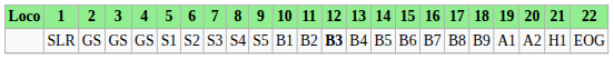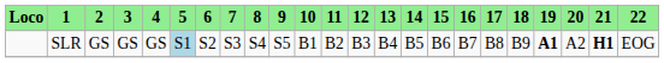 <table class="wikitable plainrowheaders unsortable" style="text-align:center">
 <tr>
 <th scope="col" rowspan="1" style="background:Lightgreen;">Loco</th>
 <th scope="col" rowspan="1" style="background:Lightgreen;">1</th>
 <th scope="col" rowspan="1" style="background:Lightgreen;">2</th>
 <th scope="col" rowspan="1" style="background:Lightgreen;">3</th>
 <th scope="col" rowspan="1" style="background:Lightgreen;">4</th>
 <th scope="col" rowspan="1" style="background:Lightgreen;">5</th>
 <th scope="col" rowspan="1" style="background:Lightgreen;">6</th>
 <th scope="col" rowspan="1" style="background:Lightgreen;">7</th>
 <th scope="col" rowspan="1" style="background:Lightgreen;">8</th>
 <th scope="col" rowspan="1" style="background:Lightgreen;">9</th>
 <th rowspan="1" scope="col" style="background:Lightgreen;">10</th>
 <th scope="col" rowspan="1" style="background:Lightgreen;">11</th>
 <th scope="col" rowspan="1" style="background:Lightgreen;">12</th>
 <th scope="col" rowspan="1" style="background:Lightgreen;">13</th>
 <th scope="col" rowspan="1" style="background:Lightgreen;">14</th>
 <th scope="col" rowspan="1" style="background:Lightgreen;">15</th>
 <th scope="col" rowspan="1" style="background:Lightgreen;">16</th>
 <th scope="col" rowspan="1" style="background:Lightgreen;">17</th>
 <th scope="col" rowspan="1" style="background:Lightgreen;">18</th>
 <th scope="col" rowspan="1" style="background:Lightgreen;">19</th>
 <th rowspan="1" scope="col" style="background:Lightgreen;">20</th>
 <th rowspan="1" scope="col" style="background:Lightgreen;">21</th>
 <th rowspan="1" scope="col" style="background:Lightgreen;">22</th>
 </tr>
 <tr>
 <td></td>
 <td>SLR</td>
 <td>GS</td>
 <td>GS</td>
 <td>GS</td>
-<td>S1</td>
+<td style="background: lightblue;">S1</td>
 <td>S2</td>
 <td>S3</td>
 <td>S4</td>
 <td>S5</td>
 <td>B1</td>
 <td>B2</td>
-<td><strong>B3</strong></td>
+<td>B3</td>
 <td>B4</td>
 <td>B5</td>
 <td>B6</td>
 <td>B7</td>
 <td>B8</td>
 <td>B9</td>
-<td>A1</td>
+<td><strong>A1</strong></td>
 <td>A2</td>
-<td>H1</td>
+<td><strong>H1</strong></td>
 <td>EOG</td>
 </tr>
 <tr>
 </tr>
 </table>
